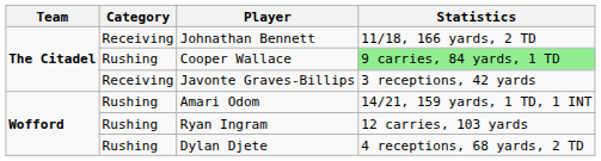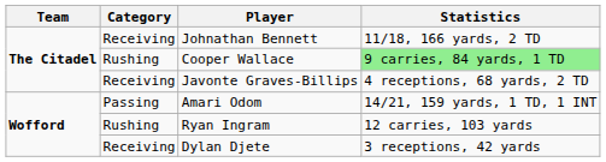 <table class="wikitable" style="float: right;">
 <tr>
 <th>Team</th>
 <th>Category</th>
 <th>Player</th>
 <th>Statistics</th>
 </tr>
 <tr>
 <td rowspan=3><strong>The Citadel</strong></td>
 <td>Receiving</td>
 <td>Johnathan Bennett</td>
 <td>11/18, 166 yards, 2 TD</td>
 </tr>
 <tr>
 <td>Rushing</td>
 <td>Cooper Wallace</td>
 <td style="background: lightgreen;">9 carries, 84 yards, 1 TD</td>
 </tr>
 <tr>
 <td>Receiving</td>
 <td>Javonte Graves-Billips</td>
-<td>3 receptions, 42 yards</td>
+<td>4 receptions, 68 yards, 2 TD</td>
 </tr>
 <tr>
 <td rowspan=3><strong>Wofford</strong></td>
-<td>Rushing</td>
+<td>Passing</td>
 <td>Amari Odom</td>
 <td>14/21, 159 yards, 1 TD, 1 INT</td>
 </tr>
 <tr>
 <td>Rushing</td>
 <td>Ryan Ingram</td>
 <td>12 carries, 103 yards</td>
 </tr>
 <tr>
-<td>Rushing</td>
+<td>Receiving</td>
 <td>Dylan Djete</td>
-<td>4 receptions, 68 yards, 2 TD</td>
+<td>3 receptions, 42 yards</td>
 </tr>
 </table>
